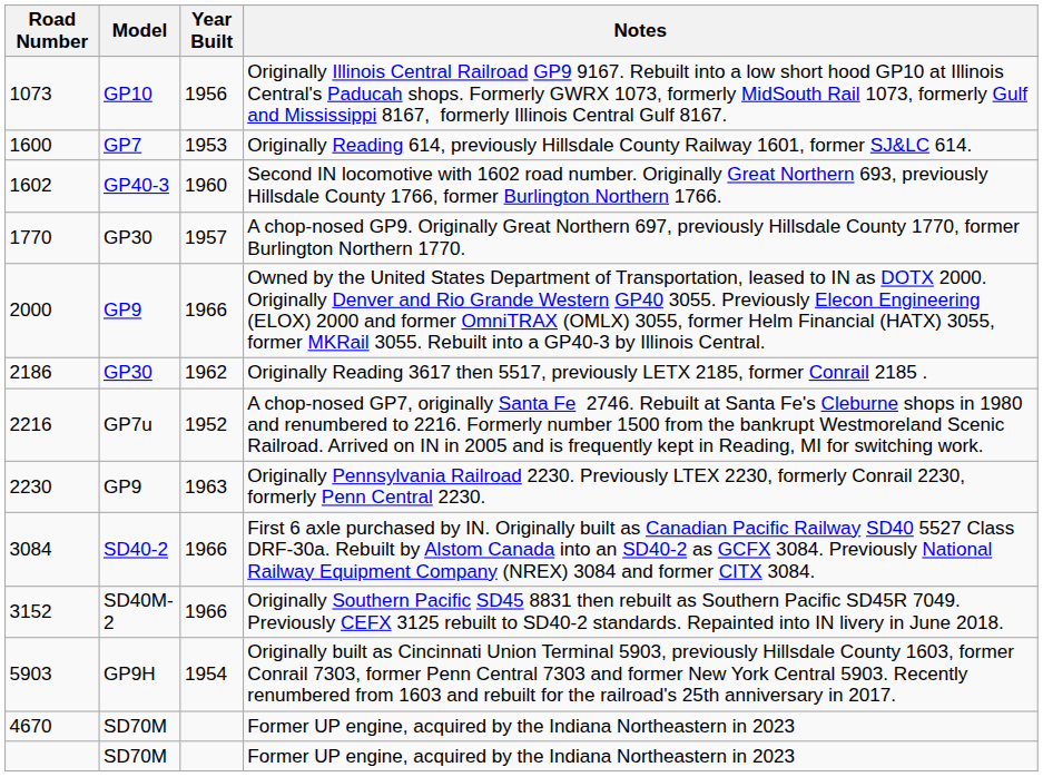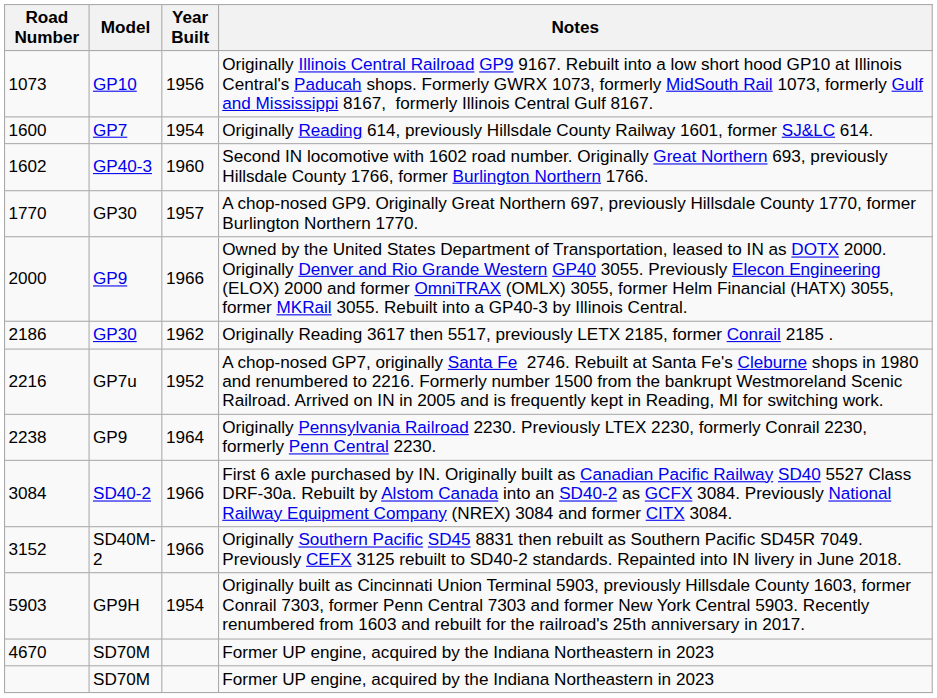 <table class="wikitable">
 <tr>
 <th>Road Number</th>
 <th>Model</th>
 <th>Year Built</th>
 <th>Notes</th>
 </tr>
 <tr>
 <td>1073</td>
 <td><a href='#'>GP10</a></td>
 <td>1956</td>
 <td>Originally <a href='#'>Illinois Central Railroad</a> <a href='#'>GP9</a> 9167. Rebuilt into a low short hood GP10 at Illinois Central's <a href='#'>Paducah</a> shops. Formerly GWRX 1073, formerly <a href='#'>MidSouth Rail</a> 1073, formerly <a href='#'>Gulf and Mississippi</a> 8167,  formerly Illinois Central Gulf 8167.</td>
 </tr>
 <tr>
 <td>1600</td>
 <td><a href='#'>GP7</a></td>
-<td>1953</td>
+<td>1954</td>
 <td>Originally <a href='#'>Reading</a> 614, previously Hillsdale County Railway 1601, former <a href='#'>SJ&LC</a> 614.</td>
 </tr>
 <tr>
 <td>1602</td>
 <td><a href='#'>GP40-3</a></td>
 <td>1960</td>
 <td>Second IN locomotive with 1602 road number. Originally <a href='#'>Great Northern</a> 693, previously Hillsdale County 1766, former <a href='#'>Burlington Northern</a> 1766.</td>
 </tr>
 <tr>
 <td>1770</td>
 <td>GP30</td>
 <td>1957</td>
 <td>A chop-nosed GP9. Originally Great Northern 697, previously Hillsdale County 1770, former Burlington Northern 1770.</td>
 </tr>
 <tr>
 <td>2000</td>
 <td><a href='#'>GP9</a></td>
 <td>1966</td>
 <td>Owned by the United States Department of Transportation, leased to IN as <a href='#'>DOTX</a> 2000. Originally <a href='#'>Denver and Rio Grande Western</a> <a href='#'>GP40</a> 3055. Previously <a href='#'>Elecon Engineering</a> (ELOX) 2000 and former <a href='#'>OmniTRAX</a> (OMLX) 3055, former Helm Financial (HATX) 3055, former <a href='#'>MKRail</a> 3055. Rebuilt into a GP40-3 by Illinois Central.</td>
 </tr>
 <tr>
 <td>2186</td>
 <td><a href='#'>GP30</a></td>
 <td>1962</td>
 <td>Originally Reading 3617 then 5517, previously LETX 2185, former <a href='#'>Conrail</a> 2185 .</td>
 </tr>
 <tr>
 <td>2216</td>
 <td>GP7u</td>
 <td>1952</td>
 <td>A chop-nosed GP7, originally <a href='#'>Santa Fe</a>  2746. Rebuilt at Santa Fe's <a href='#'>Cleburne</a> shops in 1980 and renumbered to 2216. Formerly number 1500 from the bankrupt Westmoreland Scenic Railroad. Arrived on IN in 2005 and is frequently kept in Reading, MI for switching work.</td>
 </tr>
 <tr>
-<td>2230</td>
+<td>2238</td>
 <td>GP9</td>
-<td>1963</td>
+<td>1964</td>
 <td>Originally <a href='#'>Pennsylvania Railroad</a> 2230. Previously LTEX 2230, formerly Conrail 2230, formerly <a href='#'>Penn Central</a> 2230.</td>
 </tr>
 <tr>
 <td>3084</td>
 <td><a href='#'>SD40-2</a></td>
 <td>1966</td>
 <td>First 6 axle purchased by IN. Originally built as <a href='#'>Canadian Pacific Railway</a> <a href='#'>SD40</a> 5527 Class DRF-30a. Rebuilt by <a href='#'>Alstom Canada</a> into an <a href='#'>SD40-2</a> as <a href='#'>GCFX</a> 3084. Previously <a href='#'>National Railway Equipment Company</a> (NREX) 3084 and former <a href='#'>CITX</a> 3084.</td>
 </tr>
 <tr>
 <td>3152</td>
 <td>SD40M-2</td>
 <td>1966</td>
 <td>Originally <a href='#'>Southern Pacific</a> <a href='#'>SD45</a> 8831 then rebuilt as Southern Pacific SD45R 7049. Previously <a href='#'>CEFX</a> 3125 rebuilt to SD40-2 standards. Repainted into IN livery in June 2018.</td>
 </tr>
 <tr>
 <td>5903</td>
 <td>GP9H</td>
 <td>1954</td>
 <td>Originally built as Cincinnati Union Terminal 5903, previously Hillsdale County 1603, former Conrail 7303, former Penn Central 7303 and former New York Central 5903. Recently renumbered from 1603 and rebuilt for the railroad's 25th anniversary in 2017.</td>
 </tr>
 <tr>
 <td>4670</td>
 <td>SD70M</td>
 <td></td>
 <td>Former UP engine, acquired by the Indiana Northeastern in 2023</td>
 </tr>
 <tr>
 <td></td>
 <td>SD70M</td>
 <td></td>
 <td>Former UP engine, acquired by the Indiana Northeastern in 2023</td>
 </tr>
 </table>
